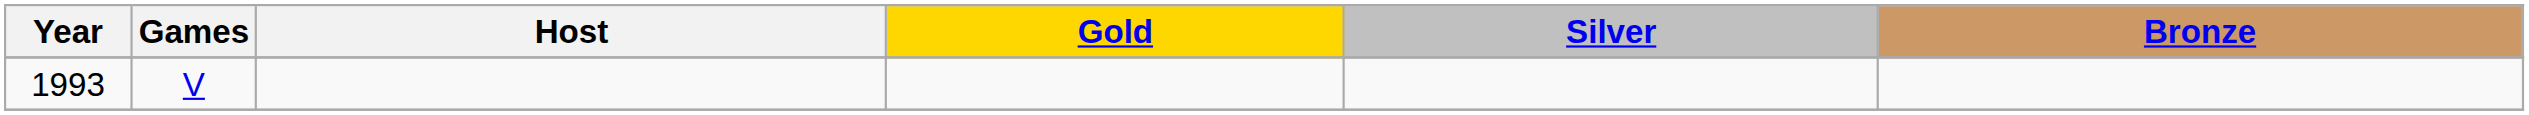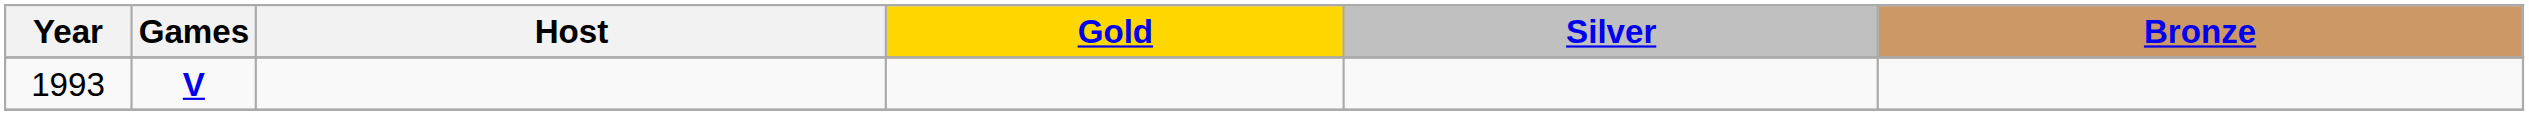 <table class="wikitable" style="text-align: center; font-size:95%;">
 <tr>
 <th rowspan="2" style="width:5%;">Year</th>
 <th rowspan="2" style="width:5%;">Games</th>
 <th rowspan="2" style="width:25%;">Host</th>
 </tr>
 <tr>
 <th style="background-color: gold"><a href='#'>Gold</a></th>
 <th style="background-color: silver"><a href='#'>Silver</a></th>
 <th style="background-color: #CC9966"><a href='#'>Bronze</a></th>
 </tr>
 <tr>
 </tr>
 <tr>
 <td>1993</td>
-<td align=center><a href='#'>V</a></td>
+<td align=center><strong><a href='#'>V</a></strong></td>
 <td align= "left"></td>
 <td align= "left"></td>
 <td align= "left"></td>
 <td align= "left"></td>
 </tr>
 <tr>
 </tr>
 </table>
